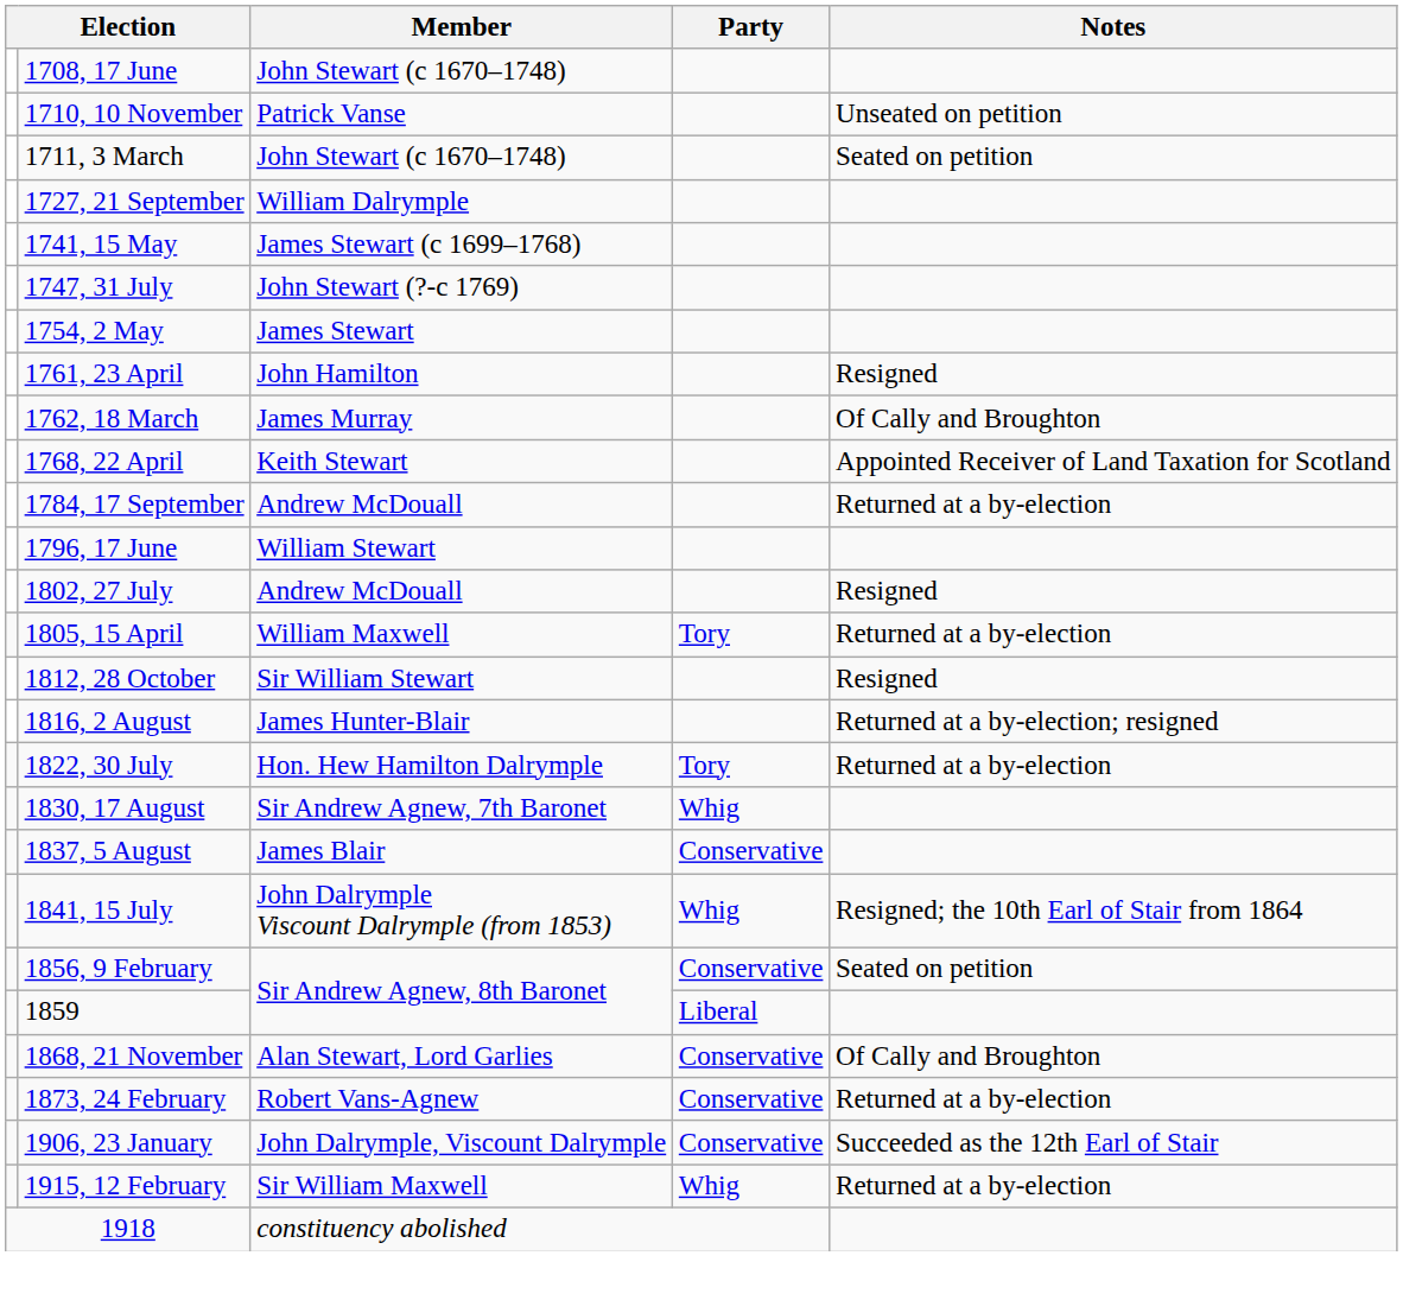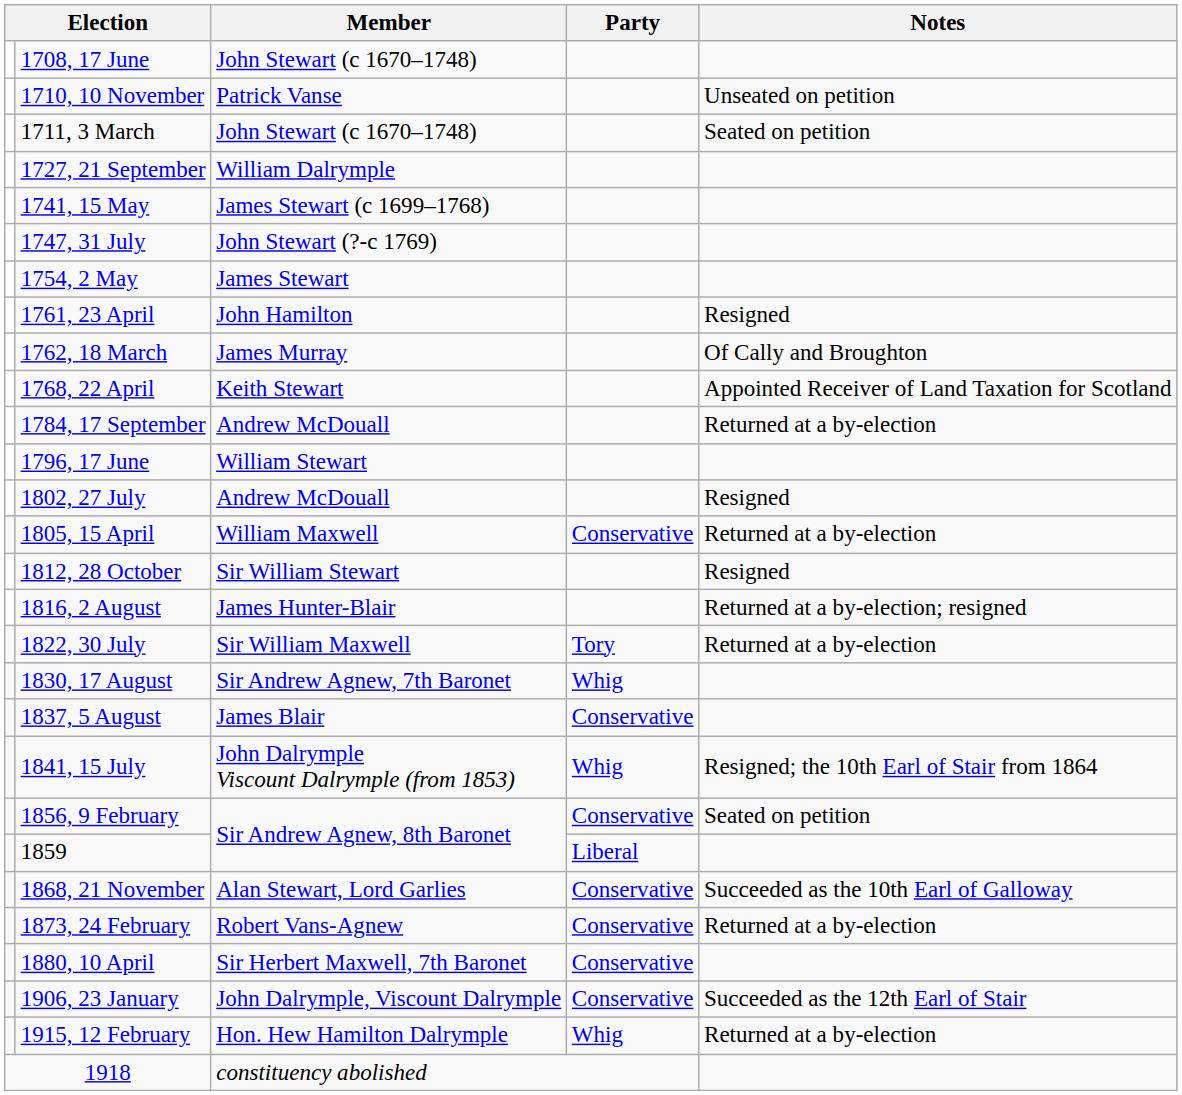 <table class="wikitable">
 <tr>
 <th colspan="2">Election</th>
 <th>Member</th>
 <th>Party</th>
 <th>Notes</th>
 </tr>
 <tr>
 <td style="color:inherit;background-color: white"></td>
 <td><a href='#'>1708, 17 June</a></td>
 <td><a href='#'>John Stewart</a> (c 1670–1748)</td>
 <td></td>
 <td></td>
 </tr>
 <tr>
 <td style="color:inherit;background-color: white"></td>
 <td><a href='#'>1710, 10 November</a></td>
 <td><a href='#'>Patrick Vanse</a></td>
 <td></td>
 <td>Unseated on petition</td>
 </tr>
 <tr>
 <td style="color:inherit;background-color: white"></td>
 <td>1711, 3 March</td>
 <td><a href='#'>John Stewart</a> (c 1670–1748)</td>
 <td></td>
 <td>Seated on petition</td>
 </tr>
 <tr>
 <td style="color:inherit;background-color: white"></td>
 <td><a href='#'>1727, 21 September</a></td>
 <td><a href='#'>William Dalrymple</a></td>
 <td></td>
 </tr>
 <tr>
 <td style="color:inherit;background-color: white"></td>
 <td><a href='#'>1741, 15 May</a></td>
 <td><a href='#'>James Stewart</a> (c 1699–1768)</td>
 <td></td>
 <td></td>
 </tr>
 <tr>
 <td style="color:inherit;background-color: white"></td>
 <td><a href='#'>1747, 31 July</a></td>
 <td><a href='#'>John Stewart</a> (?-c 1769)</td>
 <td></td>
 <td></td>
 </tr>
 <tr>
 <td style="color:inherit;background-color: white"></td>
 <td><a href='#'>1754, 2 May</a></td>
 <td><a href='#'>James Stewart</a></td>
 <td></td>
 <td></td>
 </tr>
 <tr>
 <td style="color:inherit;background-color: white"></td>
 <td><a href='#'>1761, 23 April</a></td>
 <td><a href='#'>John Hamilton</a></td>
 <td></td>
 <td>Resigned</td>
 </tr>
 <tr>
 <td style="color:inherit;background-color: white"></td>
 <td><a href='#'>1762, 18 March</a></td>
 <td><a href='#'>James Murray</a></td>
 <td></td>
 <td>Of Cally and Broughton</td>
 </tr>
 <tr>
 <td style="color:inherit;background-color: white"></td>
 <td><a href='#'>1768, 22 April</a></td>
 <td><a href='#'>Keith Stewart</a></td>
 <td></td>
 <td>Appointed Receiver of Land Taxation for Scotland</td>
 </tr>
 <tr>
 <td style="color:inherit;background-color: white"></td>
 <td><a href='#'>1784, 17 September</a></td>
 <td><a href='#'>Andrew McDouall</a></td>
 <td></td>
 <td>Returned at a by-election</td>
 </tr>
 <tr>
 <td style="color:inherit;background-color: white"></td>
 <td><a href='#'>1796, 17 June</a></td>
 <td><a href='#'>William Stewart</a></td>
 <td></td>
 <td></td>
 </tr>
 <tr>
 <td style="color:inherit;background-color: white"></td>
 <td><a href='#'>1802, 27 July</a></td>
 <td><a href='#'>Andrew McDouall</a></td>
 <td></td>
 <td>Resigned</td>
 </tr>
 <tr>
 <td style="color:inherit;background-color: "></td>
 <td><a href='#'>1805, 15 April</a></td>
 <td><a href='#'>William Maxwell</a></td>
-<td><a href='#'>Tory</a></td>
+<td><a href='#'>Conservative</a></td>
 <td>Returned at a by-election</td>
 </tr>
 <tr>
 <td style="color:inherit;background-color: white"></td>
 <td><a href='#'>1812, 28 October</a></td>
 <td><a href='#'>Sir William Stewart</a></td>
 <td></td>
 <td>Resigned</td>
 </tr>
 <tr>
 <td style="color:inherit;background-color: white"></td>
 <td><a href='#'>1816, 2 August</a></td>
 <td><a href='#'>James Hunter-Blair</a></td>
 <td></td>
 <td>Returned at a by-election; resigned</td>
 </tr>
 <tr>
 <td style="color:inherit;background-color: "></td>
 <td><a href='#'>1822, 30 July</a></td>
-<td><a href='#'>Hon. Hew Hamilton Dalrymple</a></td>
+<td><a href='#'>Sir William Maxwell</a></td>
 <td><a href='#'>Tory</a></td>
 <td>Returned at a by-election</td>
 </tr>
 <tr>
 <td style="color:inherit;background-color: "></td>
 <td><a href='#'>1830, 17 August</a></td>
 <td><a href='#'>Sir Andrew Agnew, 7th Baronet</a></td>
 <td><a href='#'>Whig</a></td>
 <td></td>
 </tr>
 <tr>
 <td style="color:inherit;background-color: "></td>
 <td><a href='#'>1837, 5 August</a></td>
 <td><a href='#'>James Blair</a></td>
 <td><a href='#'>Conservative</a></td>
 <td></td>
 </tr>
 <tr>
 <td style="color:inherit;background-color: "></td>
 <td><a href='#'>1841, 15 July</a></td>
 <td><a href='#'>John Dalrymple</a><br> <em>Viscount Dalrymple (from 1853)</em></td>
 <td><a href='#'>Whig</a></td>
 <td>Resigned; the 10th <a href='#'>Earl of Stair</a> from 1864</td>
 </tr>
 <tr>
 <td style="color:inherit;background-color: "></td>
 <td><a href='#'>1856, 9 February</a></td>
 <td rowspan="2"><a href='#'>Sir Andrew Agnew, 8th Baronet</a></td>
 <td><a href='#'>Conservative</a></td>
 <td>Seated on petition</td>
 </tr>
 <tr>
 <td style="color:inherit;background-color: "></td>
 <td>1859</td>
 <td><a href='#'>Liberal</a></td>
 <td></td>
 </tr>
 <tr>
 <td style="color:inherit;background-color: "></td>
 <td><a href='#'>1868, 21 November</a></td>
 <td><a href='#'>Alan Stewart, Lord Garlies</a></td>
 <td><a href='#'>Conservative</a></td>
-<td>Of Cally and Broughton</td>
+<td>Succeeded as the 10th <a href='#'>Earl of Galloway</a></td>
 </tr>
 <tr>
 <td style="color:inherit;background-color: "></td>
 <td><a href='#'>1873, 24 February</a></td>
 <td><a href='#'>Robert Vans-Agnew</a></td>
 <td><a href='#'>Conservative</a></td>
 <td>Returned at a by-election</td>
+</tr>
+<tr>
+<td style="color:inherit;background-color: "></td>
+<td><a href='#'>1880, 10 April</a></td>
+<td><a href='#'>Sir Herbert Maxwell, 7th Baronet</a></td>
+<td><a href='#'>Conservative</a></td>
+<td></td>
 </tr>
 <tr>
 <td style="color:inherit;background-color: "></td>
 <td><a href='#'>1906, 23 January</a></td>
 <td><a href='#'>John Dalrymple, Viscount Dalrymple</a></td>
 <td><a href='#'>Conservative</a></td>
 <td>Succeeded as the 12th <a href='#'>Earl of Stair</a></td>
 </tr>
 <tr>
 <td style="color:inherit;background-color: "></td>
 <td><a href='#'>1915, 12 February</a></td>
-<td><a href='#'>Sir William Maxwell</a></td>
+<td><a href='#'>Hon. Hew Hamilton Dalrymple</a></td>
 <td><a href='#'>Whig</a></td>
 <td>Returned at a by-election</td>
 </tr>
 <tr>
 <td colspan="2" align="center"><a href='#'>1918</a></td>
 <td colspan="2"><em>constituency abolished</em></td>
 </tr>
 </table>
